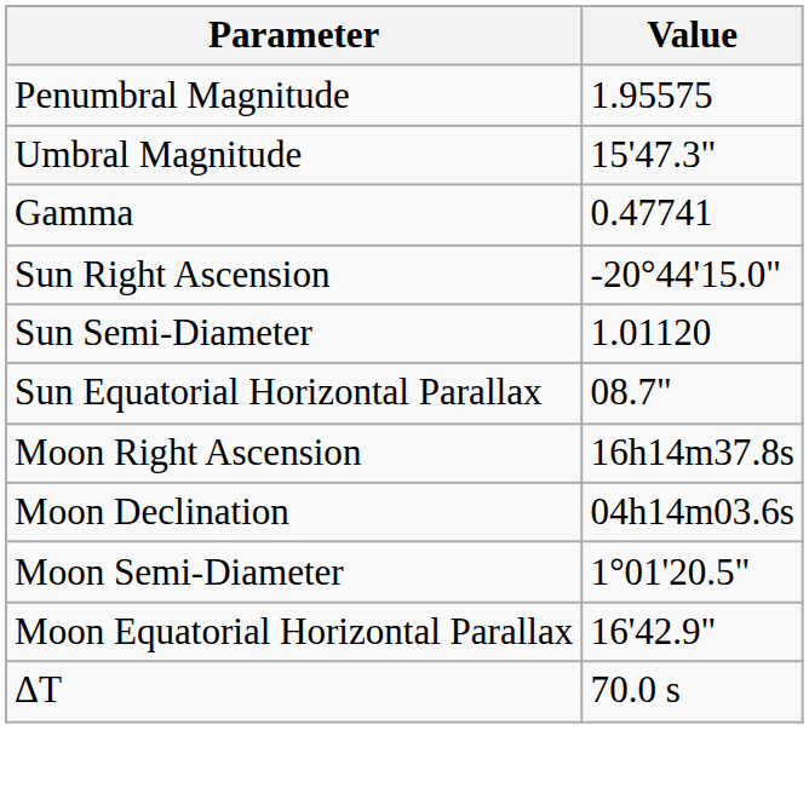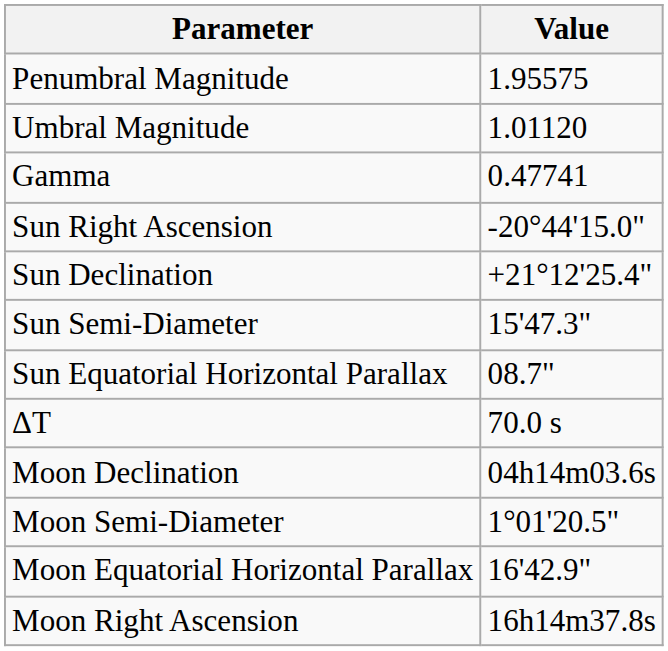 <table class="wikitable">
 <tr>
 <th>Parameter</th>
 <th>Value</th>
 </tr>
 <tr>
 <td>Penumbral Magnitude</td>
 <td>1.95575</td>
 </tr>
 <tr>
 <td>Umbral Magnitude</td>
-<td>15'47.3"</td>
+<td>1.01120</td>
 </tr>
 <tr>
 <td>Gamma</td>
 <td>0.47741</td>
 </tr>
 <tr>
 <td>Sun Right Ascension</td>
 <td>-20°44'15.0"</td>
 </tr>
 <tr>
+<td>Sun Declination</td>
+<td>+21°12'25.4"</td>
+</tr>
+<tr>
 <td>Sun Semi-Diameter</td>
-<td>1.01120</td>
+<td>15'47.3"</td>
 </tr>
 <tr>
 <td>Sun Equatorial Horizontal Parallax</td>
 <td>08.7"</td>
 </tr>
 <tr>
-<td>Moon Right Ascension</td>
-<td>16h14m37.8s</td>
+<td>ΔT</td>
+<td>70.0 s</td>
 </tr>
 <tr>
 <td>Moon Declination</td>
 <td>04h14m03.6s</td>
 </tr>
 <tr>
 <td>Moon Semi-Diameter</td>
 <td>1°01'20.5"</td>
 </tr>
 <tr>
 <td>Moon Equatorial Horizontal Parallax</td>
 <td>16'42.9"</td>
 </tr>
 <tr>
-<td>ΔT</td>
-<td>70.0 s</td>
+<td>Moon Right Ascension</td>
+<td>16h14m37.8s</td>
 </tr>
 </table>
